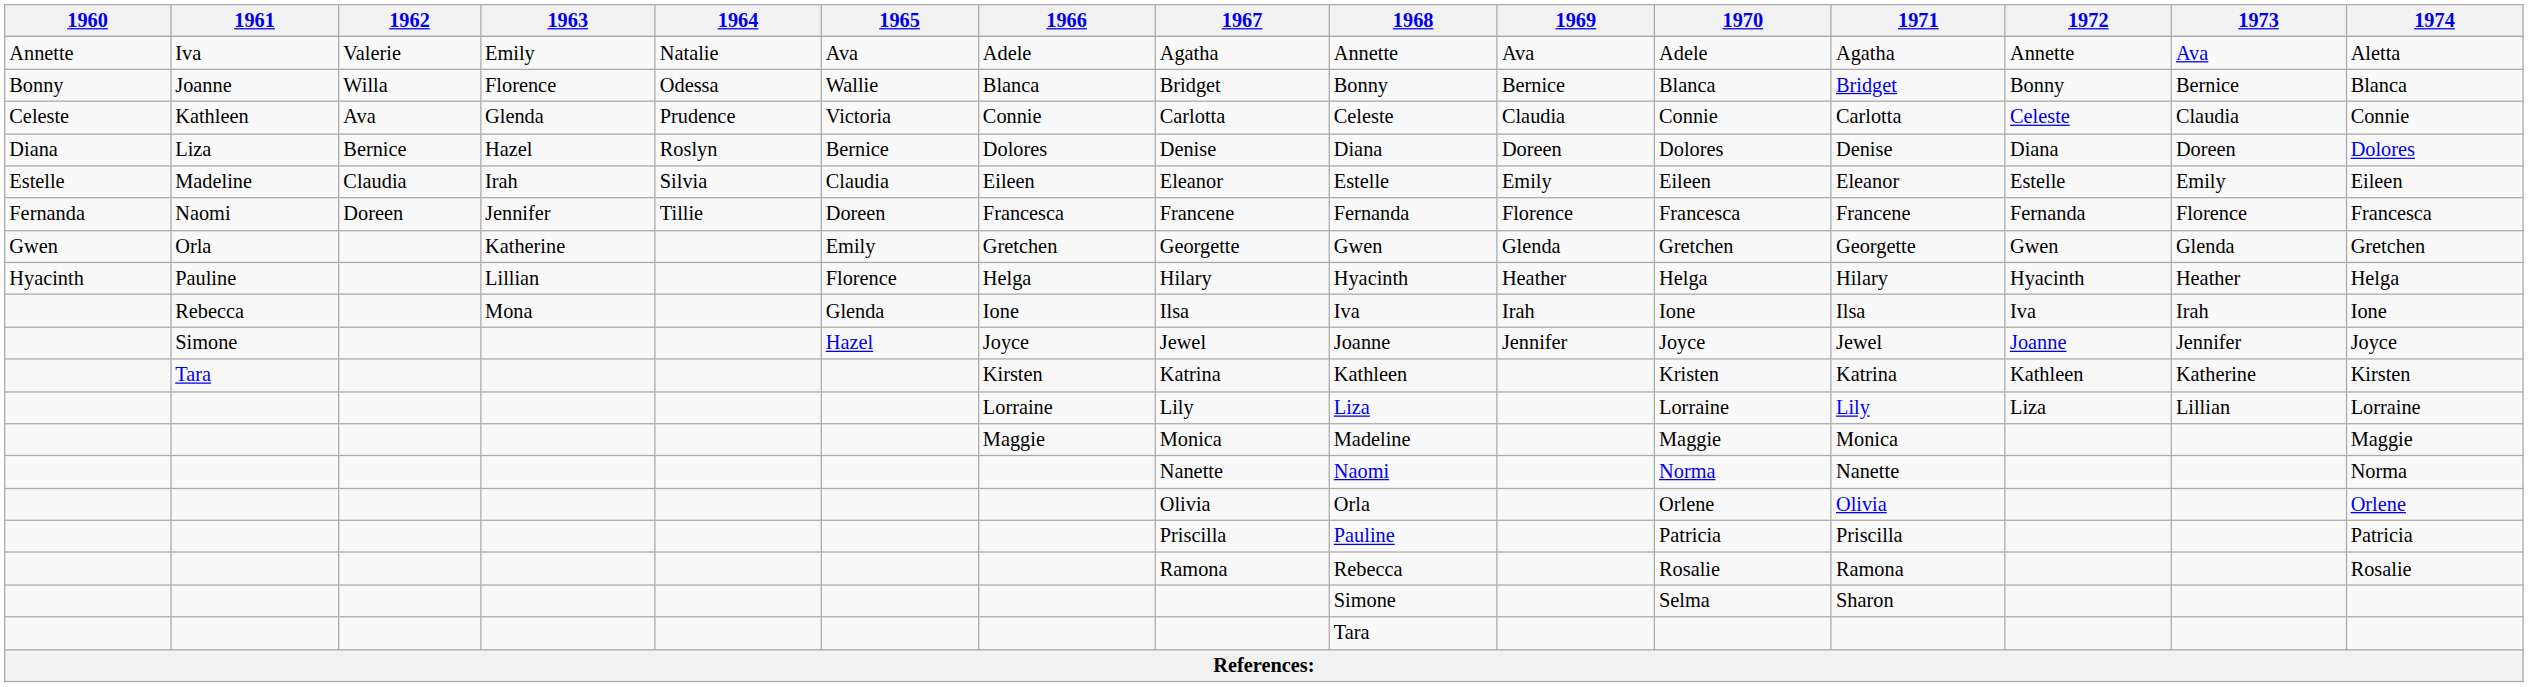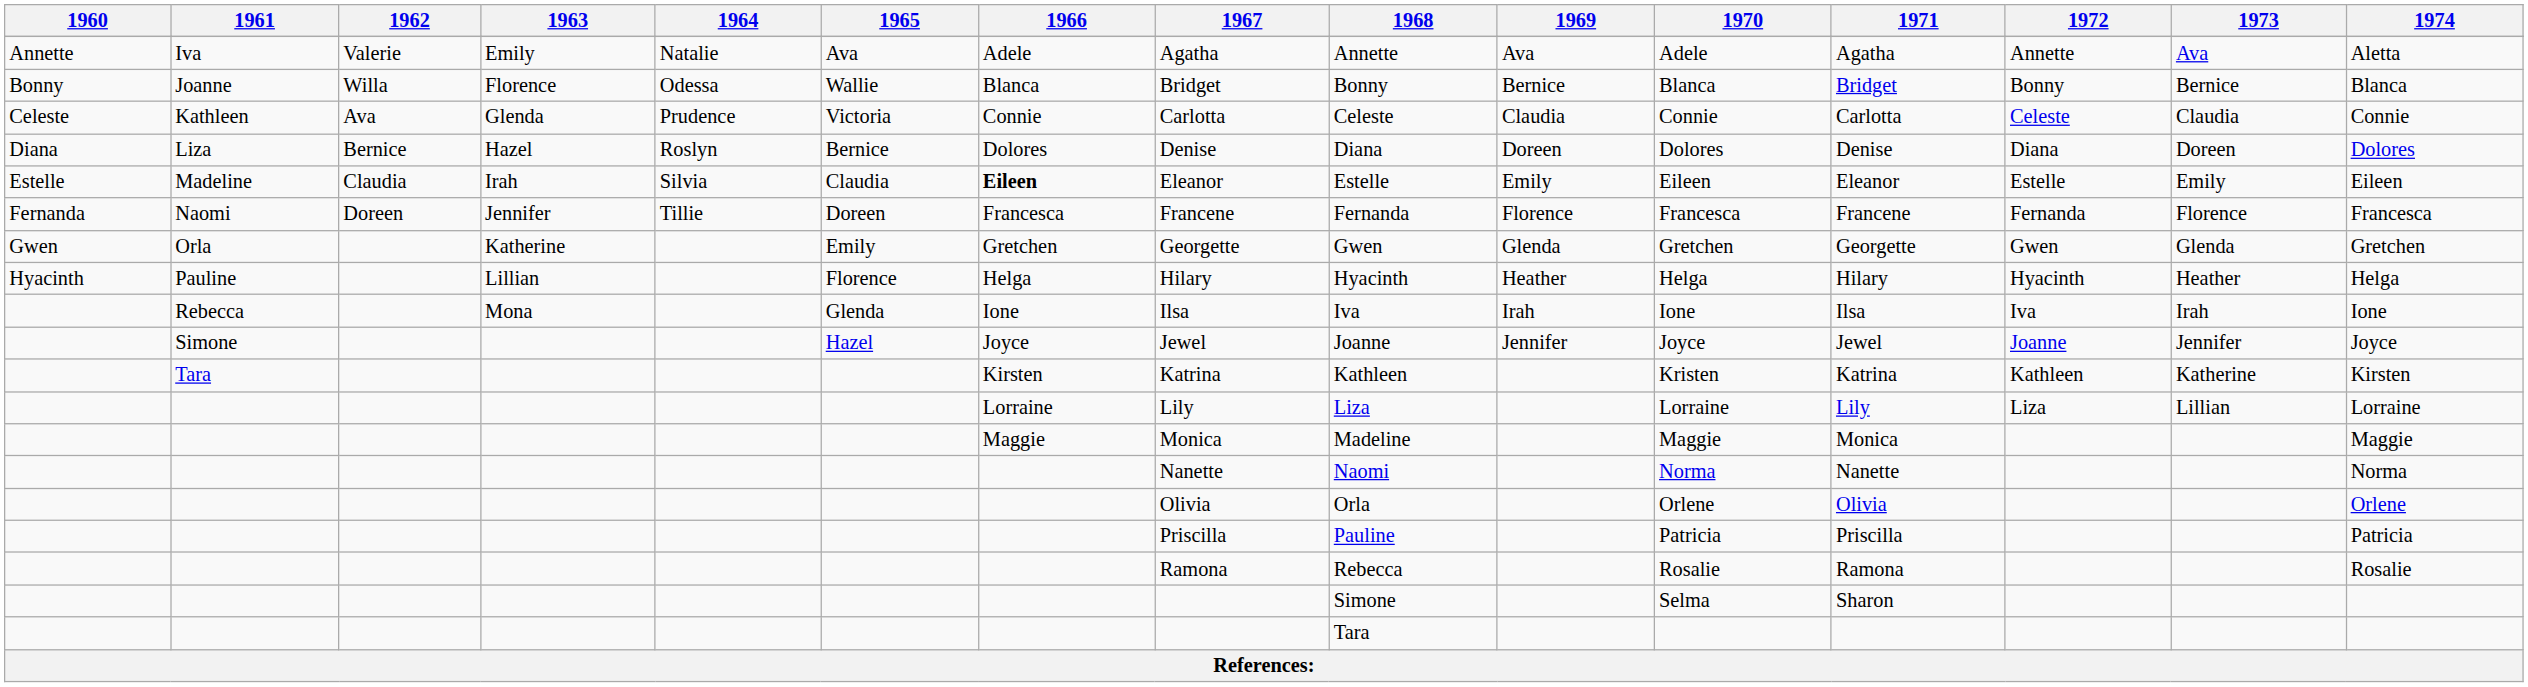 <table class="wikitable" width="100%">
 <tr>
 <th><a href='#'>1960</a></th>
 <th><a href='#'>1961</a></th>
 <th><a href='#'>1962</a></th>
 <th><a href='#'>1963</a></th>
 <th><a href='#'>1964</a></th>
 <th><a href='#'>1965</a></th>
 <th><a href='#'>1966</a></th>
 <th><a href='#'>1967</a></th>
 <th><a href='#'>1968</a></th>
 <th><a href='#'>1969</a></th>
 <th><a href='#'>1970</a></th>
 <th><a href='#'>1971</a></th>
 <th><a href='#'>1972</a></th>
 <th><a href='#'>1973</a></th>
 <th><a href='#'>1974</a></th>
 </tr>
 <tr>
 </tr>
 <tr>
 <td>Annette</td>
 <td>Iva</td>
 <td>Valerie</td>
 <td>Emily</td>
 <td>Natalie</td>
 <td>Ava</td>
 <td>Adele</td>
 <td>Agatha</td>
 <td>Annette</td>
 <td>Ava</td>
 <td>Adele</td>
 <td>Agatha</td>
 <td>Annette</td>
 <td><a href='#'>Ava</a></td>
 <td>Aletta</td>
 </tr>
 <tr>
 <td>Bonny</td>
 <td>Joanne</td>
 <td>Willa</td>
 <td>Florence</td>
 <td>Odessa</td>
 <td>Wallie</td>
 <td>Blanca</td>
 <td>Bridget</td>
 <td>Bonny</td>
 <td>Bernice</td>
 <td>Blanca</td>
 <td><a href='#'>Bridget</a></td>
 <td>Bonny</td>
 <td>Bernice</td>
 <td>Blanca</td>
 </tr>
 <tr>
 <td>Celeste</td>
 <td>Kathleen</td>
 <td>Ava</td>
 <td>Glenda</td>
 <td>Prudence</td>
 <td>Victoria</td>
 <td>Connie</td>
 <td>Carlotta</td>
 <td>Celeste</td>
 <td>Claudia</td>
 <td>Connie</td>
 <td>Carlotta</td>
 <td><a href='#'>Celeste</a></td>
 <td>Claudia</td>
 <td>Connie</td>
 </tr>
 <tr>
 <td>Diana</td>
 <td>Liza</td>
 <td>Bernice</td>
 <td>Hazel</td>
 <td>Roslyn</td>
 <td>Bernice</td>
 <td>Dolores</td>
 <td>Denise</td>
 <td>Diana</td>
 <td>Doreen</td>
 <td>Dolores</td>
 <td>Denise</td>
 <td>Diana</td>
 <td>Doreen</td>
 <td><a href='#'>Dolores</a></td>
 </tr>
 <tr>
 <td>Estelle</td>
 <td>Madeline</td>
 <td>Claudia</td>
 <td>Irah</td>
 <td>Silvia</td>
 <td>Claudia</td>
-<td>Eileen</td>
+<td><strong>Eileen</strong></td>
 <td>Eleanor</td>
 <td>Estelle</td>
 <td>Emily</td>
 <td>Eileen</td>
 <td>Eleanor</td>
 <td>Estelle</td>
 <td>Emily</td>
 <td>Eileen</td>
 </tr>
 <tr>
 <td>Fernanda</td>
 <td>Naomi</td>
 <td>Doreen</td>
 <td>Jennifer</td>
 <td>Tillie</td>
 <td>Doreen</td>
 <td>Francesca</td>
 <td>Francene</td>
 <td>Fernanda</td>
 <td>Florence</td>
 <td>Francesca</td>
 <td>Francene</td>
 <td>Fernanda</td>
 <td>Florence</td>
 <td>Francesca</td>
 </tr>
 <tr>
 <td>Gwen</td>
 <td>Orla</td>
 <td></td>
 <td>Katherine</td>
 <td></td>
 <td>Emily</td>
 <td>Gretchen</td>
 <td>Georgette</td>
 <td>Gwen</td>
 <td>Glenda</td>
 <td>Gretchen</td>
 <td>Georgette</td>
 <td>Gwen</td>
 <td>Glenda</td>
 <td>Gretchen</td>
 </tr>
 <tr>
 <td>Hyacinth</td>
 <td>Pauline</td>
 <td></td>
 <td>Lillian</td>
 <td></td>
 <td>Florence</td>
 <td>Helga</td>
 <td>Hilary</td>
 <td>Hyacinth</td>
 <td>Heather</td>
 <td>Helga</td>
 <td>Hilary</td>
 <td>Hyacinth</td>
 <td>Heather</td>
 <td>Helga</td>
 </tr>
 <tr>
 <td></td>
 <td>Rebecca</td>
 <td></td>
 <td>Mona</td>
 <td></td>
 <td>Glenda</td>
 <td>Ione</td>
 <td>Ilsa</td>
 <td>Iva</td>
 <td>Irah</td>
 <td>Ione</td>
 <td>Ilsa</td>
 <td>Iva</td>
 <td>Irah</td>
 <td>Ione</td>
 </tr>
 <tr>
 <td></td>
 <td>Simone</td>
 <td></td>
 <td></td>
 <td></td>
 <td><a href='#'>Hazel</a></td>
 <td>Joyce</td>
 <td>Jewel</td>
 <td>Joanne</td>
 <td>Jennifer</td>
 <td>Joyce</td>
 <td>Jewel</td>
 <td><a href='#'>Joanne</a></td>
 <td>Jennifer</td>
 <td>Joyce</td>
 </tr>
 <tr>
 <td></td>
 <td><a href='#'>Tara</a></td>
 <td></td>
 <td></td>
 <td></td>
 <td></td>
 <td>Kirsten</td>
 <td>Katrina</td>
 <td>Kathleen</td>
 <td></td>
 <td>Kristen</td>
 <td>Katrina</td>
 <td>Kathleen</td>
 <td>Katherine</td>
 <td>Kirsten</td>
 </tr>
 <tr>
 <td></td>
 <td></td>
 <td></td>
 <td></td>
 <td></td>
 <td></td>
 <td>Lorraine</td>
 <td>Lily</td>
 <td><a href='#'>Liza</a></td>
 <td></td>
 <td>Lorraine</td>
 <td><a href='#'>Lily</a></td>
 <td>Liza</td>
 <td>Lillian</td>
 <td>Lorraine</td>
 </tr>
 <tr>
 <td></td>
 <td></td>
 <td></td>
 <td></td>
 <td></td>
 <td></td>
 <td>Maggie</td>
 <td>Monica</td>
 <td>Madeline</td>
 <td></td>
 <td>Maggie</td>
 <td>Monica</td>
 <td></td>
 <td></td>
 <td>Maggie</td>
 </tr>
 <tr>
 <td></td>
 <td></td>
 <td></td>
 <td></td>
 <td></td>
 <td></td>
 <td></td>
 <td>Nanette</td>
 <td><a href='#'>Naomi</a></td>
 <td></td>
 <td><a href='#'>Norma</a></td>
 <td>Nanette</td>
 <td></td>
 <td></td>
 <td>Norma</td>
 </tr>
 <tr>
 <td></td>
 <td></td>
 <td></td>
 <td></td>
 <td></td>
 <td></td>
 <td></td>
 <td>Olivia</td>
 <td>Orla</td>
 <td></td>
 <td>Orlene</td>
 <td><a href='#'>Olivia</a></td>
 <td></td>
 <td></td>
 <td><a href='#'>Orlene</a></td>
 </tr>
 <tr>
 <td></td>
 <td></td>
 <td></td>
 <td></td>
 <td></td>
 <td></td>
 <td></td>
 <td>Priscilla</td>
 <td><a href='#'>Pauline</a></td>
 <td></td>
 <td>Patricia</td>
 <td>Priscilla</td>
 <td></td>
 <td></td>
 <td>Patricia</td>
 </tr>
 <tr>
 <td></td>
 <td></td>
 <td></td>
 <td></td>
 <td></td>
 <td></td>
 <td></td>
 <td>Ramona</td>
 <td>Rebecca</td>
 <td></td>
 <td>Rosalie</td>
 <td>Ramona</td>
 <td></td>
 <td></td>
 <td>Rosalie</td>
 </tr>
 <tr>
 <td></td>
 <td></td>
 <td></td>
 <td></td>
 <td></td>
 <td></td>
 <td></td>
 <td></td>
 <td>Simone</td>
 <td></td>
 <td>Selma</td>
 <td>Sharon</td>
 <td></td>
 <td></td>
 <td></td>
 </tr>
 <tr>
 <td></td>
 <td></td>
 <td></td>
 <td></td>
 <td></td>
 <td></td>
 <td></td>
 <td></td>
 <td>Tara</td>
 <td></td>
 <td></td>
 <td></td>
 <td></td>
 <td></td>
 <td></td>
 </tr>
 <tr>
 <th colspan=15>References:</th>
 </tr>
 </table>
